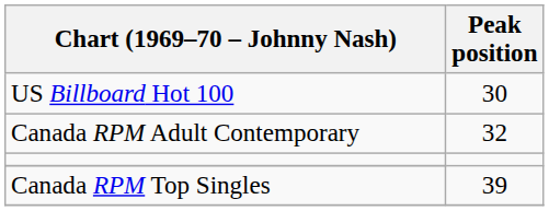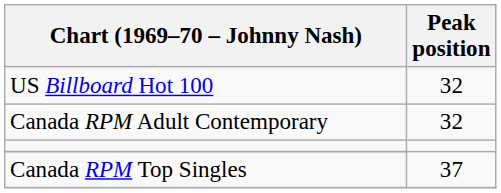 <table class="wikitable sortable">
 <tr>
 <th scope="col" style="width:17em;">Chart (1969–70 – Johnny Nash)</th>
 <th scope="col">Peak<br>position</th>
 </tr>
 <tr>
 <td align="left">US <a href='#'><em>Billboard</em> Hot 100</a></td>
-<td style="text-align:center;">30</td>
+<td style="text-align:center;">32</td>
 </tr>
 <tr>
 <td>Canada <em>RPM</em> Adult Contemporary</td>
 <td style="text-align:center;">32</td>
 </tr>
 <tr>
 <td></td>
 </tr>
 <tr>
 </tr>
 <tr>
 <td>Canada <em><a href='#'>RPM</a></em> Top Singles</td>
-<td align="center">39</td>
+<td align="center">37</td>
 </tr>
 <tr>
 </tr>
 </table>
